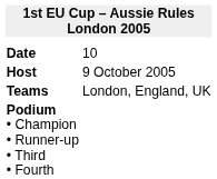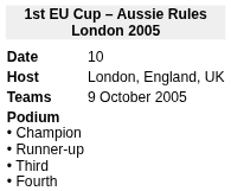 <table class="toccolours" style="float: right; margin: 0 0 1em 1em;">
 <tr>
 <td colspan="2" style="background: #efefef; text-align: center;"><strong>1st EU Cup – Aussie Rules <br>London 2005</strong></td>
 </tr>
 <tr>
 <td colspan="2" style="text-align: center;"></td>
 </tr>
 <tr style="vertical-align:top;">
 <th colspan=2></th>
 </tr>
 <tr style="vertical-align:top;">
 <td><strong>Date</strong></td>
 <td>10</td>
 </tr>
 <tr style="vertical-align:top;">
 <td><strong>Host</strong></td>
-<td>9 October 2005</td>
+<td>London, England, UK</td>
 </tr>
 <tr style="vertical-align:top;">
 <td><strong>Teams</strong></td>
-<td>London, England, UK</td>
+<td>9 October 2005</td>
 </tr>
 <tr style="vertical-align:top;">
 <td><strong>Podium</strong><br>• Champion<br>• Runner-up<br>• Third<br>• Fourth</td>
 <td><br><br><br><br></td>
 </tr>
 </table>
